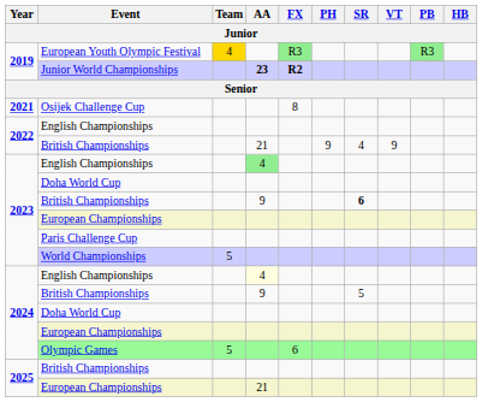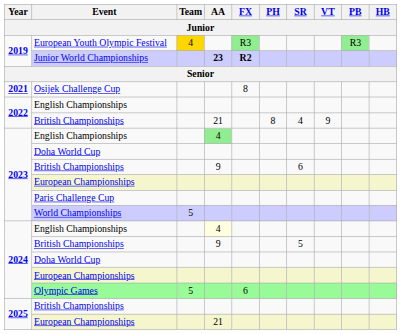 <table class="wikitable sortable" style="text-align:center;">
 <tr>
 <th class="unsortable" width="7%">Year</th>
 <th class="unsortable" width="37%">Event</th>
 <th class="unsortable" width="7%">Team</th>
 <th class="unsortable" width="7%">AA</th>
 <th class="unsortable" width="7%"><a href='#'>FX</a></th>
 <th class="unsortable" width="7%"><a href='#'>PH</a></th>
 <th class="unsortable" width="7%"><a href='#'>SR</a></th>
 <th class="unsortable" width="7%"><a href='#'>VT</a></th>
 <th class="unsortable" width="7%"><a href='#'>PB</a></th>
 <th class="unsortable" width="7%"><a href='#'>HB</a></th>
 </tr>
 <tr>
 <th colspan="10">Junior</th>
 </tr>
 <tr>
 <td rowspan="2"><a href='#'><strong>2019</strong></a></td>
 <td align="left"><a href='#'>European Youth Olympic Festival</a></td>
 <td style="background: gold;">4</td>
 <td></td>
 <td style="background: lightgreen;">R3</td>
 <td></td>
 <td></td>
 <td></td>
 <td style="background: lightgreen;">R3</td>
 <td></td>
 </tr>
 <tr bgcolor=#CCCCFF>
 <td align="left"><a href='#'>Junior World Championships</a></td>
 <td></td>
 <td><strong>23</strong></td>
 <td><strong>R2</strong></td>
 <td></td>
 <td></td>
 <td></td>
 <td></td>
 <td></td>
 </tr>
 <tr>
 <th colspan="10">Senior</th>
 </tr>
 <tr>
 <td rowspan="1"><strong><a href='#'>2021</a></strong></td>
 <td align="left"><a href='#'>Osijek Challenge Cup</a></td>
 <td></td>
 <td></td>
 <td>8</td>
 <td></td>
 <td></td>
 <td></td>
 <td></td>
 <td></td>
 </tr>
 <tr>
 <td rowspan="2"><strong><a href='#'>2022</a></strong></td>
 <td align="left">English Championships</td>
 <td></td>
 <td></td>
 <td></td>
 <td></td>
 <td></td>
 <td></td>
 <td></td>
 <td></td>
 </tr>
 <tr>
 <td align="left"><a href='#'>British Championships</a></td>
 <td></td>
 <td>21</td>
 <td></td>
-<td>9</td>
+<td>8</td>
 <td>4</td>
 <td>9</td>
 <td></td>
 <td></td>
 </tr>
 <tr>
 <td rowspan="6"><strong><a href='#'>2023</a></strong></td>
 <td align="left">English Championships</td>
 <td></td>
 <td style="background: lightgreen;">4</td>
 <td></td>
 <td></td>
 <td></td>
 <td></td>
 <td></td>
 <td></td>
 </tr>
 <tr>
 <td align="left"><a href='#'>Doha World Cup</a></td>
 <td></td>
 <td></td>
 <td></td>
 <td></td>
 <td></td>
 <td></td>
 <td></td>
 <td></td>
 </tr>
 <tr>
 <td align="left"><a href='#'>British Championships</a></td>
 <td></td>
 <td>9</td>
 <td></td>
 <td></td>
-<td><strong>6</strong></td>
+<td>6</td>
 <td></td>
 <td></td>
 <td></td>
 </tr>
 <tr bgcolor=#F5F6CE>
 <td align="left"><a href='#'>European Championships</a></td>
 <td></td>
 <td></td>
 <td></td>
 <td></td>
 <td></td>
 <td></td>
 <td></td>
 <td></td>
 </tr>
 <tr>
 <td align="left"><a href='#'>Paris Challenge Cup</a></td>
 <td></td>
 <td></td>
 <td></td>
 <td></td>
 <td></td>
 <td></td>
 <td></td>
 <td></td>
 </tr>
 <tr bgcolor="#CCCCFF">
 <td align="left"><a href='#'>World Championships</a></td>
 <td>5</td>
 <td></td>
 <td></td>
 <td></td>
 <td></td>
 <td></td>
 <td></td>
 <td></td>
 </tr>
 <tr>
 <td rowspan="5"><strong><a href='#'>2024</a></strong></td>
 <td align="left">English Championships</td>
 <td></td>
 <td style="background: lightyellow;">4</td>
 <td></td>
 <td></td>
 <td></td>
 <td></td>
 <td></td>
 <td></td>
 </tr>
 <tr>
 <td align="left"><a href='#'>British Championships</a></td>
 <td></td>
 <td>9</td>
 <td></td>
 <td></td>
 <td>5</td>
 <td></td>
 <td></td>
 <td></td>
 </tr>
 <tr>
 <td align="left"><a href='#'>Doha World Cup</a></td>
 <td></td>
 <td></td>
 <td></td>
 <td></td>
 <td></td>
 <td></td>
 <td></td>
 <td></td>
 </tr>
 <tr bgcolor=#F5F6CE>
 <td align="left"><a href='#'>European Championships</a></td>
 <td></td>
 <td></td>
 <td></td>
 <td></td>
 <td></td>
 <td></td>
 <td></td>
 <td></td>
 </tr>
 <tr bgcolor=98FB98>
 <td align="left"><a href='#'>Olympic Games</a></td>
 <td>5</td>
 <td></td>
 <td>6</td>
 <td></td>
 <td></td>
 <td></td>
 <td></td>
 <td></td>
 </tr>
 <tr>
 <td rowspan="2"><a href='#'><strong>2025</strong></a></td>
 <td align="left"><a href='#'>British Championships</a></td>
 <td></td>
 <td></td>
 <td></td>
 <td></td>
 <td></td>
 <td></td>
 <td></td>
 <td></td>
 </tr>
 <tr bgcolor=#F5F6CE>
 <td align="left"><a href='#'>European Championships</a></td>
 <td></td>
 <td>21</td>
 <td></td>
 <td></td>
 <td></td>
 <td></td>
 <td></td>
 <td></td>
 </tr>
 </table>
